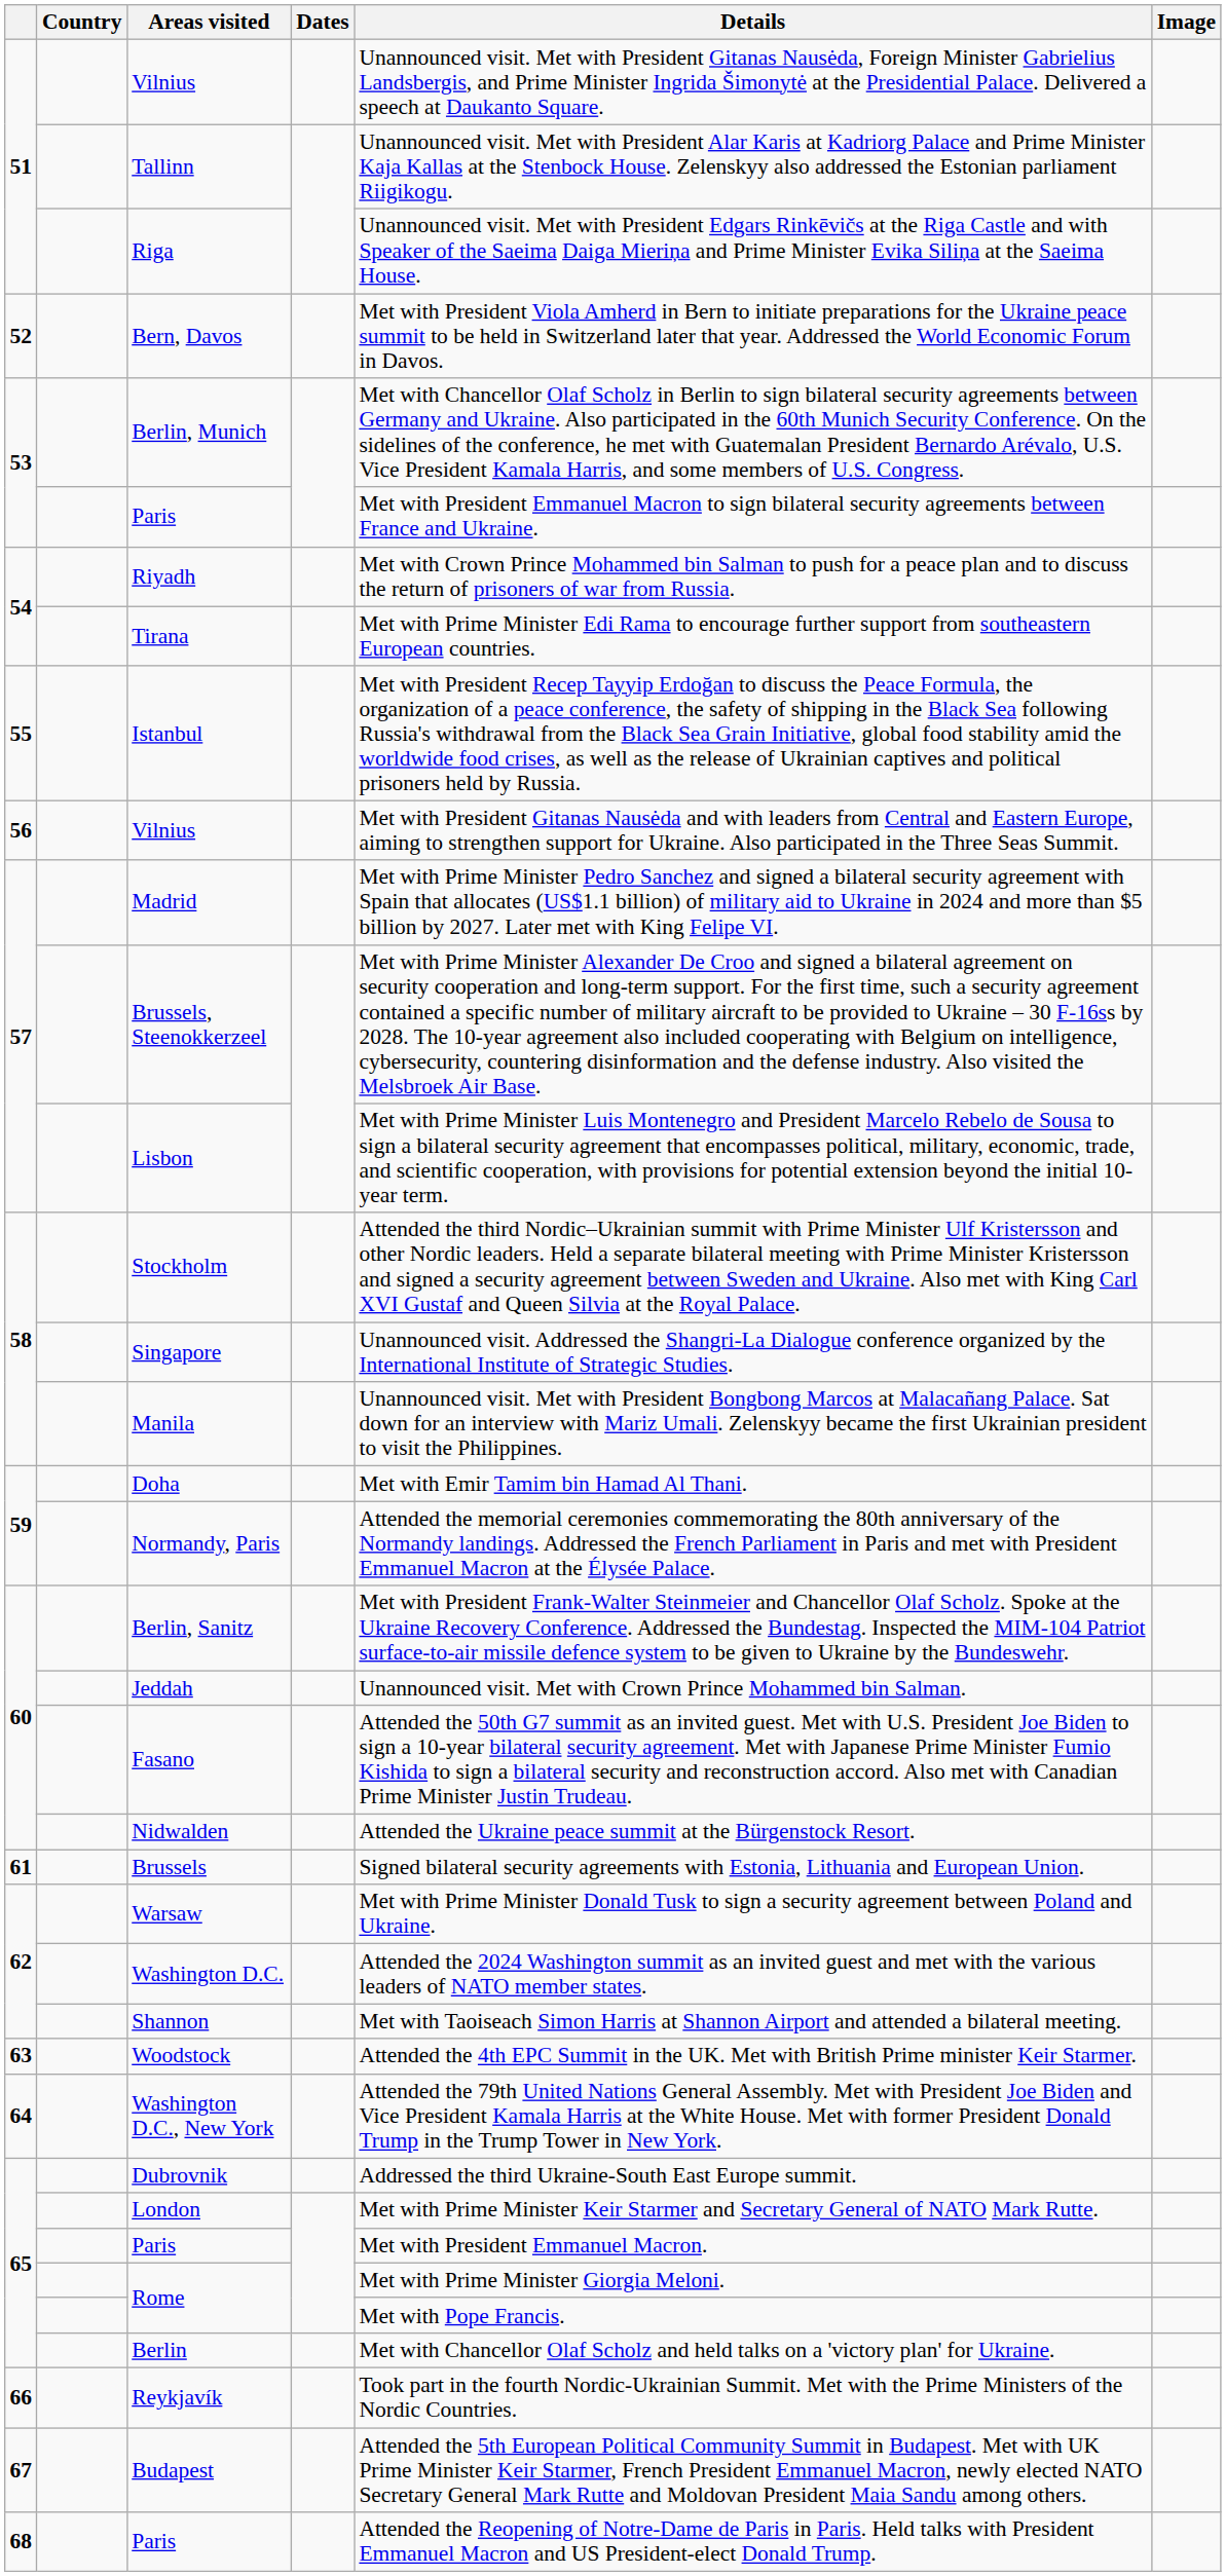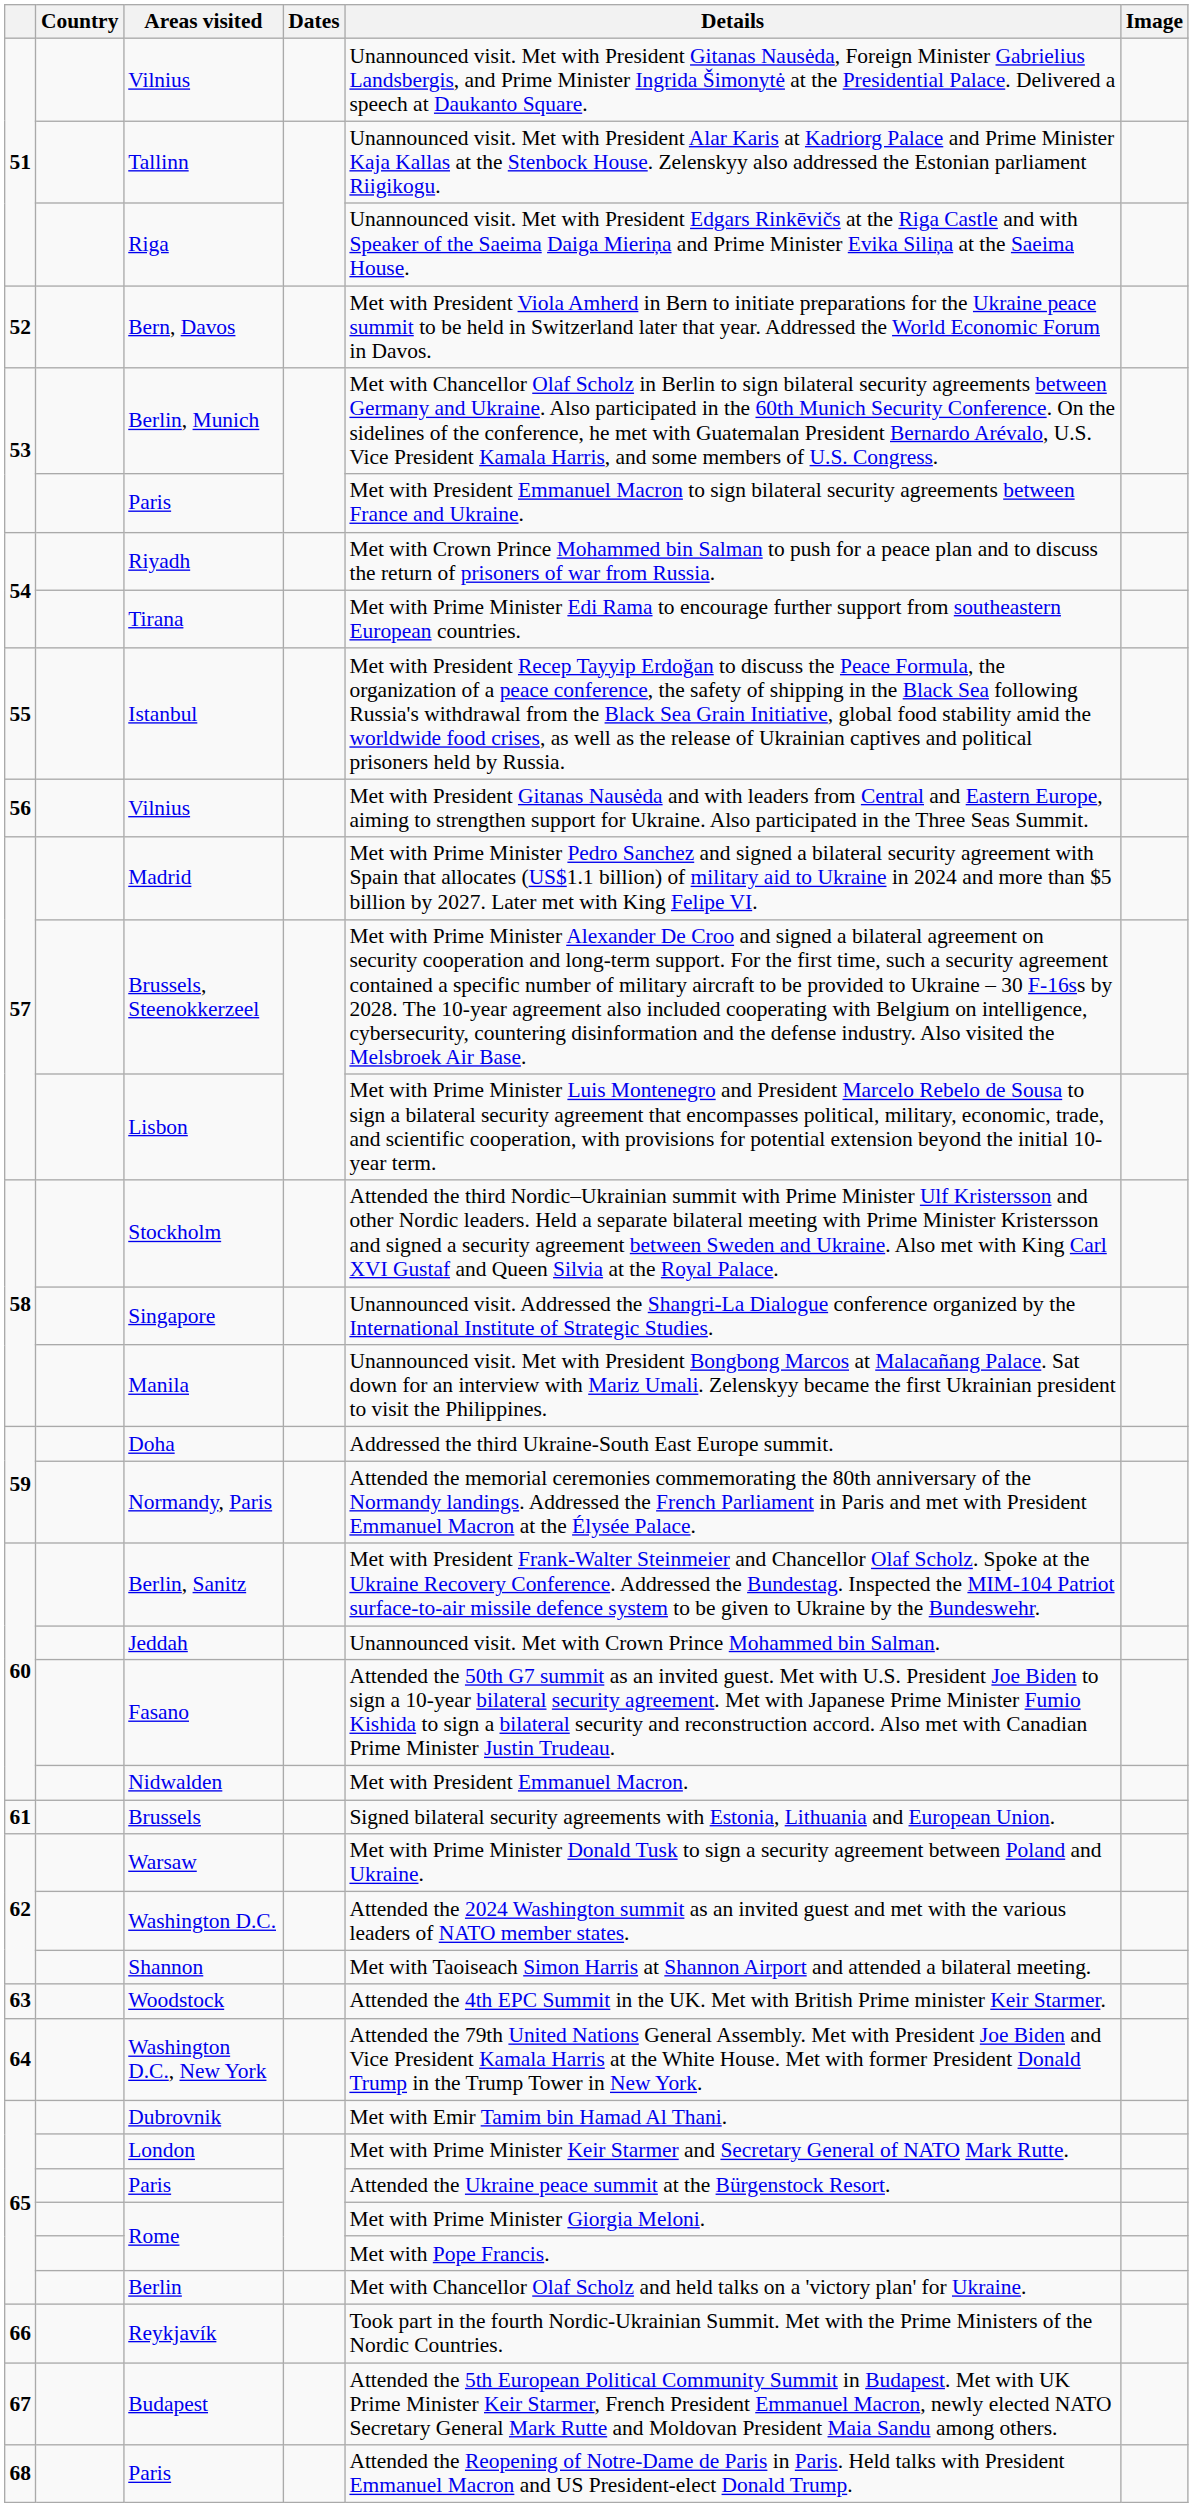 <table class="wikitable sortable" style="margin: 1em auto 1em auto">
 <tr>
 <th></th>
 <th>Country</th>
 <th>Areas visited</th>
 <th>Dates</th>
 <th>Details</th>
 <th class="unsortable">Image</th>
 </tr>
 <tr>
 <td rowspan="3"><strong>51</strong></td>
 <td></td>
 <td><a href='#'>Vilnius</a></td>
 <td></td>
 <td>Unannounced visit. Met with President <a href='#'>Gitanas Nausėda</a>, Foreign Minister <a href='#'>Gabrielius Landsbergis</a>, and Prime Minister <a href='#'>Ingrida Šimonytė</a> at the <a href='#'>Presidential Palace</a>. Delivered a speech at <a href='#'>Daukanto Square</a>.</td>
 <td></td>
 </tr>
 <tr>
 <td></td>
 <td><a href='#'>Tallinn</a></td>
 <td rowspan="2"></td>
 <td>Unannounced visit. Met with President <a href='#'>Alar Karis</a> at <a href='#'>Kadriorg Palace</a> and Prime Minister <a href='#'>Kaja Kallas</a> at the <a href='#'>Stenbock House</a>. Zelenskyy also addressed the Estonian parliament <a href='#'>Riigikogu</a>.</td>
 <td></td>
 </tr>
 <tr>
 <td></td>
 <td><a href='#'>Riga</a></td>
 <td>Unannounced visit. Met with President <a href='#'>Edgars Rinkēvičs</a> at the <a href='#'>Riga Castle</a> and with <a href='#'>Speaker of the Saeima</a> <a href='#'>Daiga Mieriņa</a> and Prime Minister <a href='#'>Evika Siliņa</a> at the <a href='#'>Saeima House</a>.</td>
 <td></td>
 </tr>
 <tr>
 <td><strong>52</strong></td>
 <td></td>
 <td><a href='#'>Bern</a>, <a href='#'>Davos</a></td>
 <td></td>
 <td>Met with President <a href='#'>Viola Amherd</a> in Bern to initiate preparations for the <a href='#'>Ukraine peace summit</a> to be held in Switzerland later that year. Addressed the <a href='#'>World Economic Forum</a> in Davos.</td>
 <td></td>
 </tr>
 <tr>
 <td rowspan="2"><strong>53</strong></td>
 <td></td>
 <td><a href='#'>Berlin</a>, <a href='#'>Munich</a></td>
 <td rowspan="2"></td>
 <td>Met with Chancellor <a href='#'>Olaf Scholz</a> in Berlin to sign bilateral security agreements <a href='#'>between Germany and Ukraine</a>. Also participated in the <a href='#'>60th Munich Security Conference</a>. On the sidelines of the conference, he met with Guatemalan President <a href='#'>Bernardo Arévalo</a>, U.S. Vice President <a href='#'>Kamala Harris</a>, and some members of <a href='#'>U.S. Congress</a>.</td>
 <td></td>
 </tr>
 <tr>
 <td></td>
 <td><a href='#'>Paris</a></td>
 <td>Met with President <a href='#'>Emmanuel Macron</a> to sign bilateral security agreements <a href='#'>between France and Ukraine</a>.</td>
 <td></td>
 </tr>
 <tr>
 <td rowspan="2"><strong>54</strong></td>
 <td></td>
 <td><a href='#'>Riyadh</a></td>
 <td></td>
 <td>Met with Crown Prince <a href='#'>Mohammed bin Salman</a> to push for a peace plan and to discuss the return of <a href='#'>prisoners of war from Russia</a>.</td>
 <td></td>
 </tr>
 <tr>
 <td></td>
 <td><a href='#'>Tirana</a></td>
 <td></td>
 <td>Met with Prime Minister <a href='#'>Edi Rama</a> to encourage further support from <a href='#'>southeastern European</a> countries.</td>
 <td></td>
 </tr>
 <tr>
 <td><strong>55</strong></td>
 <td></td>
 <td><a href='#'>Istanbul</a></td>
 <td></td>
 <td>Met with President <a href='#'>Recep Tayyip Erdoğan</a> to discuss the <a href='#'>Peace Formula</a>, the organization of a <a href='#'>peace conference</a>, the safety of shipping in the <a href='#'>Black Sea</a> following Russia's withdrawal from the <a href='#'>Black Sea Grain Initiative</a>, global food stability amid the <a href='#'>worldwide food crises</a>, as well as the release of Ukrainian captives and political prisoners held by Russia.</td>
 <td></td>
 </tr>
 <tr>
 <td><strong>56</strong></td>
 <td></td>
 <td><a href='#'>Vilnius</a></td>
 <td></td>
 <td>Met with President <a href='#'>Gitanas Nausėda</a> and with leaders from <a href='#'>Central</a> and <a href='#'>Eastern Europe</a>, aiming to strengthen support for Ukraine. Also participated in the Three Seas Summit.</td>
 <td></td>
 </tr>
 <tr>
 <td rowspan="3"><strong>57</strong></td>
 <td></td>
 <td><a href='#'>Madrid</a></td>
 <td></td>
 <td>Met with Prime Minister <a href='#'>Pedro Sanchez</a> and signed a bilateral security agreement with Spain that allocates  (<a href='#'>US$</a>1.1 billion) of <a href='#'>military aid to Ukraine</a> in 2024 and more than $5 billion by 2027. Later met with King <a href='#'>Felipe VI</a>.</td>
 <td></td>
 </tr>
 <tr>
 <td></td>
 <td><a href='#'>Brussels</a>, <a href='#'>Steenokkerzeel</a></td>
 <td rowspan="2"></td>
 <td>Met with Prime Minister <a href='#'>Alexander De Croo</a> and signed a bilateral agreement on security cooperation and long-term support. For the first time, such a security agreement contained a specific number of military aircraft to be provided to Ukraine – 30 <a href='#'>F-16s</a>s by 2028. The 10-year agreement also included cooperating with Belgium on intelligence, cybersecurity, countering disinformation and the defense industry. Also visited the <a href='#'>Melsbroek Air Base</a>.</td>
 <td></td>
 </tr>
 <tr>
 <td></td>
 <td><a href='#'>Lisbon</a></td>
 <td>Met with Prime Minister <a href='#'>Luis Montenegro</a> and President <a href='#'>Marcelo Rebelo de Sousa</a> to sign a bilateral security agreement that encompasses political, military, economic, trade, and scientific cooperation, with provisions for potential extension beyond the initial 10-year term.</td>
 <td></td>
 </tr>
 <tr>
 <td rowspan="3"><strong>58</strong></td>
 <td></td>
 <td><a href='#'>Stockholm</a></td>
 <td></td>
 <td>Attended the third Nordic–Ukrainian summit with Prime Minister <a href='#'>Ulf Kristersson</a> and other Nordic leaders. Held a separate bilateral meeting with Prime Minister Kristersson and signed a security agreement <a href='#'>between Sweden and Ukraine</a>. Also met with King <a href='#'>Carl XVI Gustaf</a> and Queen <a href='#'>Silvia</a> at the <a href='#'>Royal Palace</a>.</td>
 <td></td>
 </tr>
 <tr>
 <td></td>
 <td><a href='#'>Singapore</a></td>
 <td></td>
 <td>Unannounced visit. Addressed the <a href='#'>Shangri-La Dialogue</a> conference organized by the <a href='#'>International Institute of Strategic Studies</a>.</td>
 <td></td>
 </tr>
 <tr>
 <td></td>
 <td><a href='#'>Manila</a></td>
 <td></td>
 <td>Unannounced visit. Met with President <a href='#'>Bongbong Marcos</a> at <a href='#'>Malacañang Palace</a>. Sat down for an interview with <a href='#'>Mariz Umali</a>. Zelenskyy became the first Ukrainian president to visit the Philippines.</td>
 <td></td>
 </tr>
 <tr>
 <td rowspan="2"><strong>59</strong></td>
 <td></td>
 <td><a href='#'>Doha</a></td>
 <td></td>
-<td>Met with Emir <a href='#'>Tamim bin Hamad Al Thani</a>.</td>
+<td>Addressed the third Ukraine-South East Europe summit.</td>
 <td></td>
 </tr>
 <tr>
 <td></td>
 <td><a href='#'>Normandy</a>, <a href='#'>Paris</a></td>
 <td></td>
 <td>Attended the memorial ceremonies commemorating the 80th anniversary of the <a href='#'>Normandy landings</a>. Addressed the <a href='#'>French Parliament</a> in Paris and met with President <a href='#'>Emmanuel Macron</a> at the <a href='#'>Élysée Palace</a>.</td>
 <td></td>
 </tr>
 <tr>
 <td rowspan="4"><strong>60</strong></td>
 <td></td>
 <td><a href='#'>Berlin</a>, <a href='#'>Sanitz</a></td>
 <td></td>
 <td>Met with President <a href='#'>Frank-Walter Steinmeier</a> and Chancellor <a href='#'>Olaf Scholz</a>. Spoke at the <a href='#'>Ukraine Recovery Conference</a>. Addressed the <a href='#'>Bundestag</a>. Inspected the <a href='#'>MIM-104 Patriot</a> <a href='#'>surface-to-air missile defence system</a> to be given to Ukraine by the <a href='#'>Bundeswehr</a>.</td>
 <td></td>
 </tr>
 <tr>
 <td></td>
 <td><a href='#'>Jeddah</a></td>
 <td></td>
 <td>Unannounced visit. Met with Crown Prince <a href='#'>Mohammed bin Salman</a>.</td>
 <td></td>
 </tr>
 <tr>
 <td></td>
 <td><a href='#'>Fasano</a></td>
 <td></td>
 <td>Attended the <a href='#'>50th G7 summit</a> as an invited guest. Met with U.S. President <a href='#'>Joe Biden</a> to sign a 10-year <a href='#'>bilateral</a> <a href='#'>security agreement</a>. Met with Japanese Prime Minister <a href='#'>Fumio Kishida</a> to sign a <a href='#'>bilateral</a> security and reconstruction accord. Also met with Canadian Prime Minister <a href='#'>Justin Trudeau</a>.</td>
 <td></td>
 </tr>
 <tr>
 <td></td>
 <td><a href='#'>Nidwalden</a></td>
 <td></td>
-<td>Attended the <a href='#'>Ukraine peace summit</a> at the <a href='#'>Bürgenstock Resort</a>.</td>
+<td>Met with President <a href='#'>Emmanuel Macron</a>.</td>
 <td></td>
 </tr>
 <tr>
 <td><strong>61</strong></td>
 <td></td>
 <td><a href='#'>Brussels</a></td>
 <td></td>
 <td>Signed bilateral security agreements with <a href='#'>Estonia</a>, <a href='#'>Lithuania</a> and <a href='#'>European Union</a>.</td>
 <td></td>
 </tr>
 <tr>
 <td rowspan="3"><strong>62</strong></td>
 <td></td>
 <td><a href='#'>Warsaw</a></td>
 <td></td>
 <td>Met with Prime Minister <a href='#'>Donald Tusk</a> to sign a security agreement between <a href='#'>Poland</a> and <a href='#'>Ukraine</a>.</td>
 <td></td>
 </tr>
 <tr>
 <td></td>
 <td><a href='#'>Washington D.C.</a></td>
 <td></td>
 <td>Attended the <a href='#'>2024 Washington summit</a> as an invited guest and met with the various leaders of <a href='#'>NATO member states</a>.</td>
 <td></td>
 </tr>
 <tr>
 <td></td>
 <td><a href='#'>Shannon</a></td>
 <td></td>
 <td>Met with Taoiseach <a href='#'>Simon Harris</a> at <a href='#'>Shannon Airport</a> and attended a bilateral meeting.</td>
 <td></td>
 </tr>
 <tr>
 <td><strong>63</strong></td>
 <td></td>
 <td><a href='#'>Woodstock</a></td>
 <td></td>
 <td>Attended the <a href='#'>4th EPC Summit</a> in the UK. Met with British Prime minister <a href='#'>Keir Starmer</a>.</td>
 <td></td>
 </tr>
 <tr>
 <td><strong>64</strong></td>
 <td></td>
 <td><a href='#'>Washington D.C.</a>, <a href='#'>New York</a></td>
 <td></td>
 <td>Attended the 79th <a href='#'>United Nations</a> General Assembly. Met with President <a href='#'>Joe Biden</a> and Vice President <a href='#'>Kamala Harris</a> at the White House. Met with former President <a href='#'>Donald Trump</a> in the Trump Tower in <a href='#'>New York</a>.</td>
 <td></td>
 </tr>
 <tr>
 <td rowspan=6><strong>65</strong></td>
 <td></td>
 <td><a href='#'>Dubrovnik</a></td>
 <td></td>
-<td>Addressed the third Ukraine-South East Europe summit.</td>
+<td>Met with Emir <a href='#'>Tamim bin Hamad Al Thani</a>.</td>
 <td></td>
 </tr>
 <tr>
 <td></td>
 <td><a href='#'>London</a></td>
 <td rowspan="4"></td>
 <td>Met with Prime Minister <a href='#'>Keir Starmer</a> and <a href='#'>Secretary General of NATO</a> <a href='#'>Mark Rutte</a>.</td>
 <td></td>
 </tr>
 <tr>
 <td></td>
 <td><a href='#'>Paris</a></td>
-<td>Met with President <a href='#'>Emmanuel Macron</a>.</td>
+<td>Attended the <a href='#'>Ukraine peace summit</a> at the <a href='#'>Bürgenstock Resort</a>.</td>
 <td></td>
 </tr>
 <tr>
 <td></td>
 <td rowspan="2"><a href='#'>Rome</a></td>
 <td>Met with Prime Minister <a href='#'>Giorgia Meloni</a>.</td>
 <td></td>
 </tr>
 <tr>
 <td></td>
 <td>Met with <a href='#'>Pope Francis</a>.</td>
 <td></td>
 </tr>
 <tr>
 <td></td>
 <td><a href='#'>Berlin</a></td>
 <td></td>
 <td>Met with Chancellor <a href='#'>Olaf Scholz</a> and held talks on a 'victory plan' for <a href='#'>Ukraine</a>.</td>
 <td></td>
 </tr>
 <tr>
 <td><strong>66</strong></td>
 <td></td>
 <td><a href='#'>Reykjavík</a></td>
 <td></td>
 <td>Took part in the fourth Nordic-Ukrainian Summit. Met with the Prime Ministers of the Nordic Countries.</td>
 <td></td>
 </tr>
 <tr>
 <td><strong>67</strong></td>
 <td></td>
 <td><a href='#'>Budapest</a></td>
 <td></td>
 <td>Attended the <a href='#'>5th European Political Community Summit</a> in <a href='#'>Budapest</a>. Met with UK Prime Minister <a href='#'>Keir Starmer</a>, French President <a href='#'>Emmanuel Macron</a>, newly elected NATO Secretary General <a href='#'>Mark Rutte</a> and Moldovan President <a href='#'>Maia Sandu</a> among others.</td>
 <td></td>
 </tr>
 <tr>
 <td><strong>68</strong></td>
 <td></td>
 <td><a href='#'>Paris</a></td>
 <td></td>
 <td>Attended the <a href='#'>Reopening of Notre-Dame de Paris</a> in <a href='#'>Paris</a>. Held talks with President <a href='#'>Emmanuel Macron</a> and US President-elect <a href='#'>Donald Trump</a>.</td>
 <td></td>
 </tr>
 </table>
